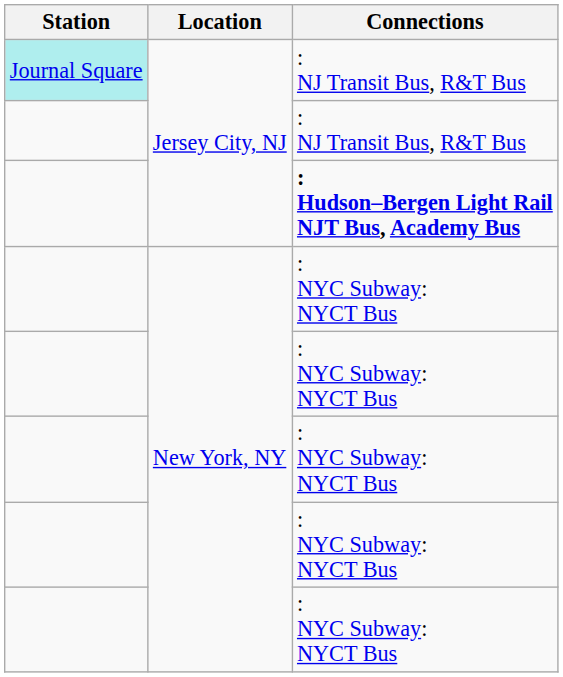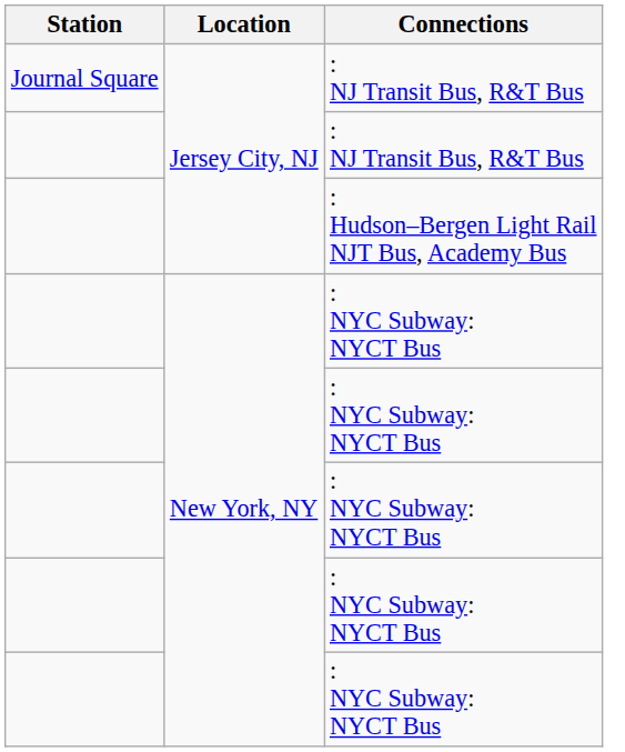 <table class="wikitable">
 <tr>
 <th>Station</th>
 <th>Location</th>
 <th>Connections</th>
 </tr>
 <tr>
-<td style="background: paleturquoise;"><a href='#'>Journal Square</a> </td>
+<td><a href='#'>Journal Square</a> </td>
 <td rowspan=3><a href='#'>Jersey City, NJ</a></td>
 <td>: <br> <a href='#'>NJ Transit Bus</a>, <a href='#'>R&T Bus</a></td>
 </tr>
 <tr>
 <td> </td>
 <td>: <br> <a href='#'>NJ Transit Bus</a>, <a href='#'>R&T Bus</a></td>
 </tr>
 <tr>
 <td> </td>
-<td><strong>: <br> <a href='#'>Hudson–Bergen Light Rail</a><br> <a href='#'>NJT Bus</a>, <a href='#'>Academy Bus</a></strong></td>
+<td>: <br> <a href='#'>Hudson–Bergen Light Rail</a><br> <a href='#'>NJT Bus</a>, <a href='#'>Academy Bus</a></td>
 </tr>
 <tr>
 <td></td>
 <td rowspan=5><a href='#'>New York, NY</a></td>
 <td>: <br> <a href='#'>NYC Subway</a>: <br> <a href='#'>NYCT Bus</a></td>
 </tr>
 <tr>
 <td></td>
 <td>: <br> <a href='#'>NYC Subway</a>: <br> <a href='#'>NYCT Bus</a></td>
 </tr>
 <tr>
 <td></td>
 <td>: <br> <a href='#'>NYC Subway</a>: <br> <a href='#'>NYCT Bus</a></td>
 </tr>
 <tr>
 <td></td>
 <td>: <br> <a href='#'>NYC Subway</a>: <br> <a href='#'>NYCT Bus</a></td>
 </tr>
 <tr>
 <td> </td>
 <td>: <br> <a href='#'>NYC Subway</a>: <br> <a href='#'>NYCT Bus</a></td>
 </tr>
 </table>
